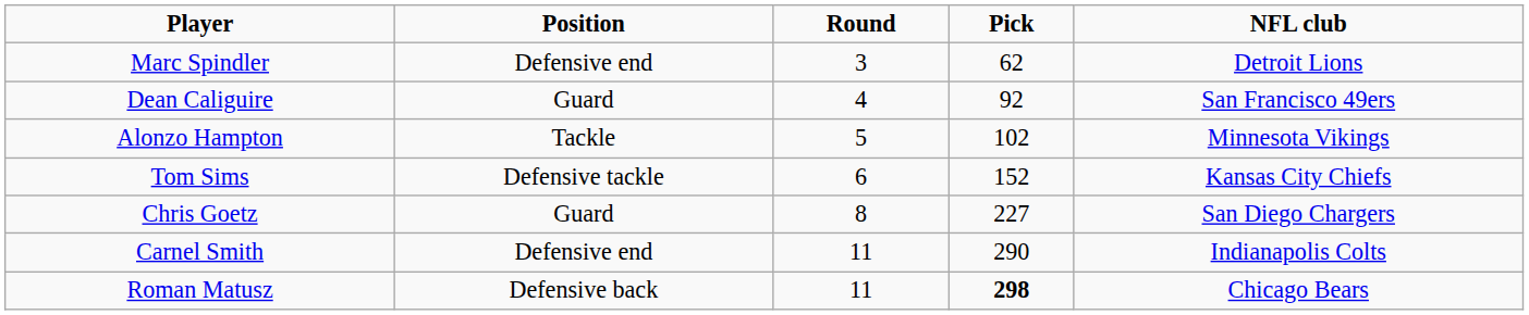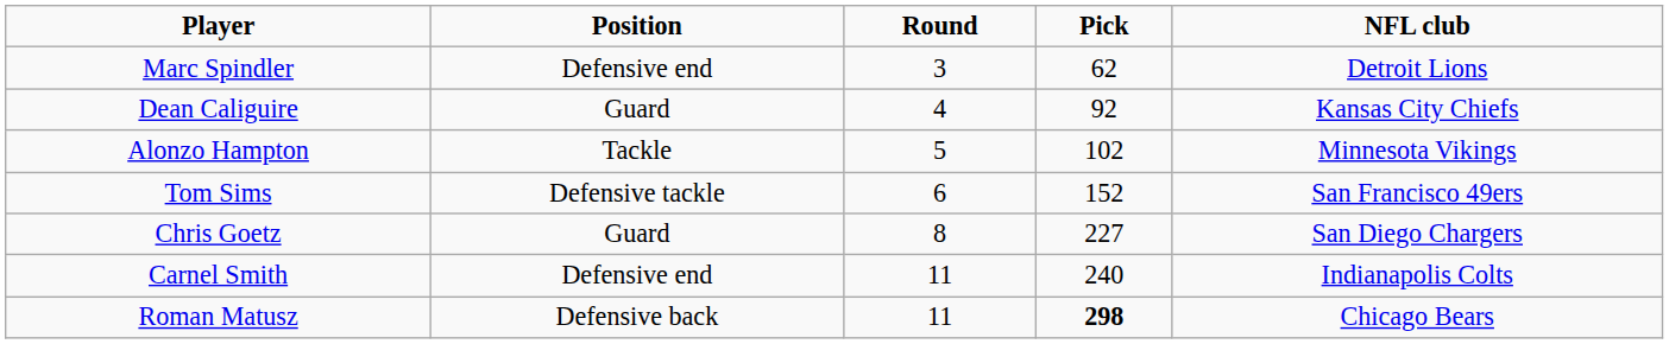 <table class="wikitable" style="width:80%;">
 <tr style="text-align:center; ">
 <td><strong>Player</strong></td>
 <td><strong>Position</strong></td>
 <td><strong>Round</strong></td>
 <td><strong>Pick</strong></td>
 <td><strong>NFL club</strong></td>
 </tr>
 <tr style="text-align:center;" bgcolor="">
 <td><a href='#'>Marc Spindler</a></td>
 <td>Defensive end</td>
 <td>3</td>
 <td>62</td>
 <td><a href='#'>Detroit Lions</a></td>
 </tr>
 <tr style="text-align:center;" bgcolor="">
 <td><a href='#'>Dean Caliguire</a></td>
 <td>Guard</td>
 <td>4</td>
 <td>92</td>
-<td><a href='#'>San Francisco 49ers</a></td>
+<td><a href='#'>Kansas City Chiefs</a></td>
 </tr>
 <tr style="text-align:center;" bgcolor="">
 <td><a href='#'>Alonzo Hampton</a></td>
 <td>Tackle</td>
 <td>5</td>
 <td>102</td>
 <td><a href='#'>Minnesota Vikings</a></td>
 </tr>
 <tr style="text-align:center;" bgcolor="">
 <td><a href='#'>Tom Sims</a></td>
 <td>Defensive tackle</td>
 <td>6</td>
 <td>152</td>
-<td><a href='#'>Kansas City Chiefs</a></td>
+<td><a href='#'>San Francisco 49ers</a></td>
 </tr>
 <tr style="text-align:center;" bgcolor="">
 <td><a href='#'>Chris Goetz</a></td>
 <td>Guard</td>
 <td>8</td>
 <td>227</td>
 <td><a href='#'>San Diego Chargers</a></td>
 </tr>
 <tr style="text-align:center;" bgcolor="">
 <td><a href='#'>Carnel Smith</a></td>
 <td>Defensive end</td>
 <td>11</td>
-<td>290</td>
+<td>240</td>
 <td><a href='#'>Indianapolis Colts</a></td>
 </tr>
 <tr style="text-align:center;" bgcolor="">
 <td><a href='#'>Roman Matusz</a></td>
 <td>Defensive back</td>
 <td>11</td>
 <td><strong>298</strong></td>
 <td><a href='#'>Chicago Bears</a></td>
 </tr>
 </table>
